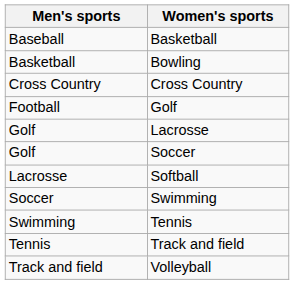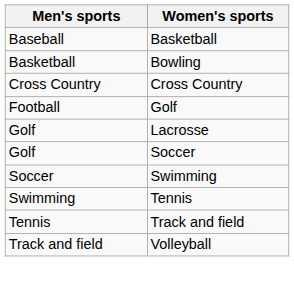 <table class="wikitable"; style="float:right; clear:left; margin-left:15px">
 <tr>
 <th width=150px>Men's sports</th>
 <th width=150px>Women's sports</th>
 </tr>
 <tr>
 <td>Baseball</td>
 <td>Basketball</td>
 </tr>
 <tr>
 <td>Basketball</td>
 <td>Bowling</td>
 </tr>
 <tr>
 <td>Cross Country</td>
 <td>Cross Country</td>
 </tr>
 <tr>
 <td>Football</td>
 <td>Golf</td>
 </tr>
 <tr>
 <td>Golf</td>
 <td>Lacrosse</td>
 </tr>
 <tr>
 <td>Golf</td>
 <td>Soccer</td>
 </tr>
 <tr>
-<td>Lacrosse</td>
-<td>Softball</td>
-</tr>
-<tr>
 <td>Soccer</td>
 <td>Swimming</td>
 </tr>
 <tr>
 <td>Swimming</td>
 <td>Tennis</td>
 </tr>
 <tr>
 <td>Tennis</td>
 <td>Track and field</td>
 </tr>
 <tr>
 <td>Track and field</td>
 <td>Volleyball</td>
 </tr>
 </table>
